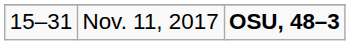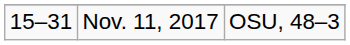 <table class="wikitable">
 <tr align="center">
 </tr>
 <tr align="center">
 <td>15–31</td>
 <td>Nov. 11, 2017</td>
-<td><strong>OSU, 48–3</strong></td>
+<td>OSU, 48–3</td>
 </tr>
 </table>
